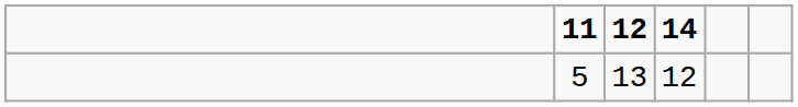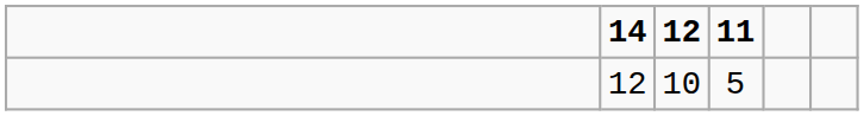 <table class="wikitable">
 <tr>
 <td style="width:18em"><strong></strong></td>
+<td align=center style="width:1em"><strong>14</strong></td>
+<td align=center style="width:1em"><strong>12</strong></td>
 <td align=center style="width:1em"><strong>11</strong></td>
-<td align=center style="width:1em"><strong>12</strong></td>
-<td align=center style="width:1em"><strong>14</strong></td>
 <td align=center style="width:1em"></td>
 <td align=center style="width:1em"></td>
 </tr>
 <tr>
 <td style="width:18em"></td>
+<td align=center style="width:1em">12</td>
+<td align=center style="width:1em">10</td>
 <td align=center style="width:1em">5</td>
-<td align=center style="width:1em">13</td>
-<td align=center style="width:1em">12</td>
 <td align=center style="width:1em"></td>
 <td align=center style="width:1em"></td>
 </tr>
 </table>
